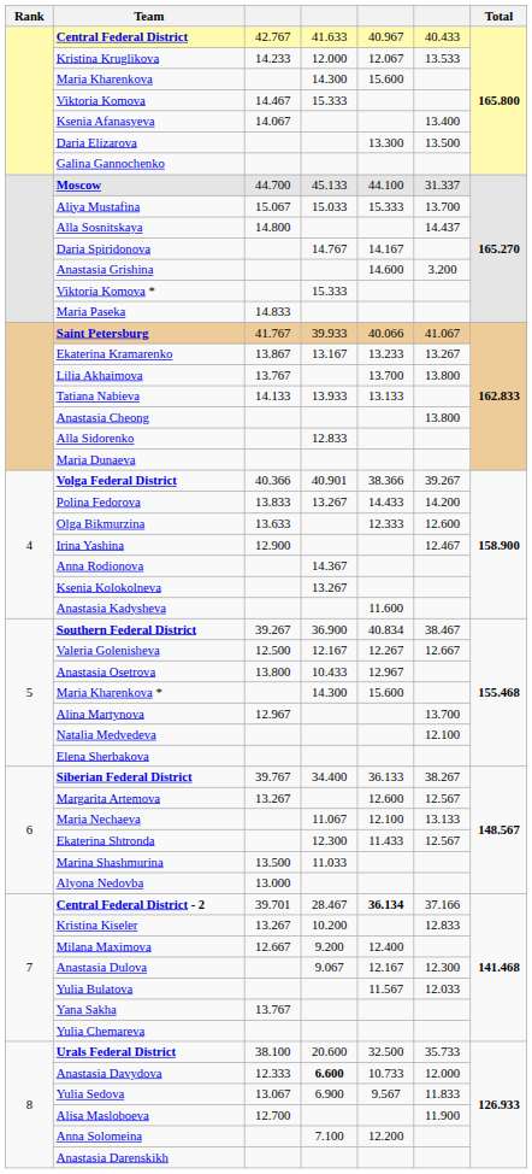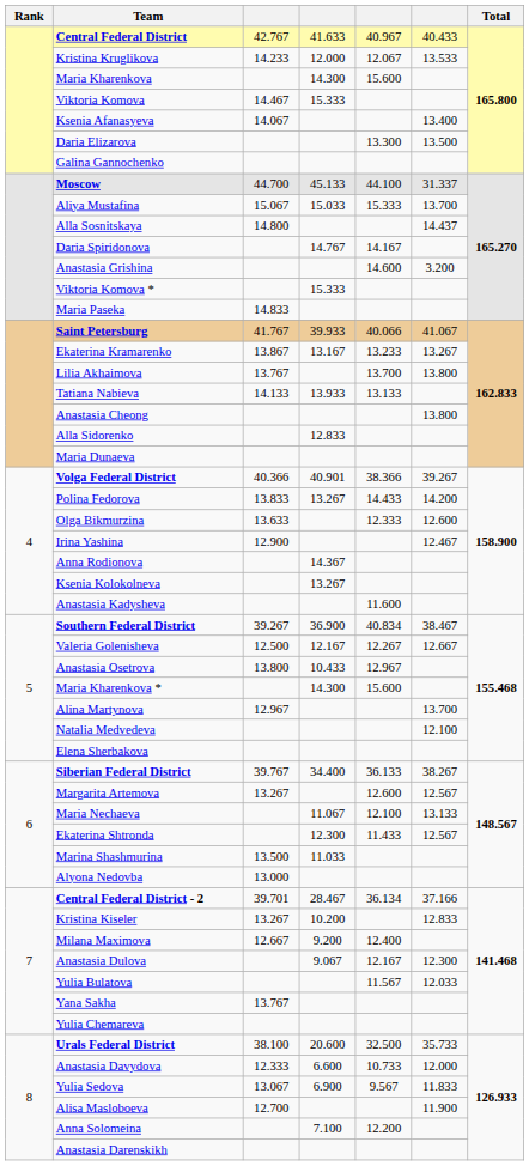 <table class="wikitable" style="text-align:center; font-size:95%">
 <tr>
 <th scope="col" style="width:50px;">Rank</th>
 <th scope="col" style="width:220px;">Team</th>
 <th scope="col" style="width:60px;"></th>
 <th scope="col" style="width:60px;"></th>
 <th scope="col" style="width:60px;"></th>
 <th scope="col" style="width:60px;"></th>
 <th scope="col" style="width:60px;">Total</th>
 </tr>
 <tr style="background:#fffcaf;">
 <td rowspan=7></td>
 <td style="text-align:left;"><strong><a href='#'>Central Federal District</a></strong></td>
 <td>42.767</td>
 <td>41.633</td>
 <td>40.967</td>
 <td>40.433</td>
 <td rowspan=7><strong>165.800</strong></td>
 </tr>
 <tr>
 <td style="text-align:left;"><a href='#'>Kristina Kruglikova</a></td>
 <td>14.233</td>
 <td>12.000</td>
 <td>12.067</td>
 <td>13.533</td>
 </tr>
 <tr>
 <td style="text-align:left;"><a href='#'>Maria Kharenkova</a></td>
 <td></td>
 <td>14.300</td>
 <td>15.600</td>
 <td></td>
 </tr>
 <tr>
 <td style="text-align:left;"><a href='#'>Viktoria Komova</a></td>
 <td>14.467</td>
 <td>15.333</td>
 <td></td>
 <td></td>
 </tr>
 <tr>
 <td style="text-align:left;"><a href='#'>Ksenia Afanasyeva</a></td>
 <td>14.067</td>
 <td></td>
 <td></td>
 <td>13.400</td>
 </tr>
 <tr>
 <td style="text-align:left;"><a href='#'>Daria Elizarova</a></td>
 <td></td>
 <td></td>
 <td>13.300</td>
 <td>13.500</td>
 </tr>
 <tr>
 <td style="text-align:left;"><a href='#'>Galina Gannochenko</a></td>
 <td></td>
 <td></td>
 <td></td>
 <td></td>
 </tr>
 <tr style="background:#e5e5e5;">
 <td rowspan=7></td>
 <td style="text-align:left;"><strong><a href='#'>Moscow</a></strong></td>
 <td>44.700</td>
 <td>45.133</td>
 <td>44.100</td>
 <td>31.337</td>
 <td rowspan=7><strong>165.270</strong></td>
 </tr>
 <tr>
 <td style="text-align:left;"><a href='#'>Aliya Mustafina</a></td>
 <td>15.067</td>
 <td>15.033</td>
 <td>15.333</td>
 <td>13.700</td>
 </tr>
 <tr>
 <td style="text-align:left;"><a href='#'>Alla Sosnitskaya</a></td>
 <td>14.800</td>
 <td></td>
 <td></td>
 <td>14.437</td>
 </tr>
 <tr>
 <td style="text-align:left;"><a href='#'>Daria Spiridonova</a></td>
 <td></td>
 <td>14.767</td>
 <td>14.167</td>
 <td></td>
 </tr>
 <tr>
 <td style="text-align:left;"><a href='#'>Anastasia Grishina</a></td>
 <td></td>
 <td></td>
 <td>14.600</td>
 <td>3.200</td>
 </tr>
 <tr>
 <td style="text-align:left;"><a href='#'>Viktoria Komova</a> *</td>
 <td></td>
 <td>15.333</td>
 <td></td>
 <td></td>
 </tr>
 <tr>
 <td style="text-align:left;"><a href='#'>Maria Paseka</a></td>
 <td>14.833</td>
 <td></td>
 <td></td>
 <td></td>
 </tr>
 <tr style="background:#ec9;">
 <td rowspan=7></td>
 <td style="text-align:left;"><strong><a href='#'>Saint Petersburg</a></strong></td>
 <td>41.767</td>
 <td>39.933</td>
 <td>40.066</td>
 <td>41.067</td>
 <td rowspan=7><strong>162.833</strong></td>
 </tr>
 <tr>
 <td style="text-align:left;"><a href='#'>Ekaterina Kramarenko</a></td>
 <td>13.867</td>
 <td>13.167</td>
 <td>13.233</td>
 <td>13.267</td>
 </tr>
 <tr>
 <td style="text-align:left;"><a href='#'>Lilia Akhaimova</a></td>
 <td>13.767</td>
 <td></td>
 <td>13.700</td>
 <td>13.800</td>
 </tr>
 <tr>
 <td style="text-align:left;"><a href='#'>Tatiana Nabieva</a></td>
 <td>14.133</td>
 <td>13.933</td>
 <td>13.133</td>
 <td></td>
 </tr>
 <tr>
 <td style="text-align:left;"><a href='#'>Anastasia Cheong</a></td>
 <td></td>
 <td></td>
 <td></td>
 <td>13.800</td>
 </tr>
 <tr>
 <td style="text-align:left;"><a href='#'>Alla Sidorenko</a></td>
 <td></td>
 <td>12.833</td>
 <td></td>
 <td></td>
 </tr>
 <tr>
 <td style="text-align:left;"><a href='#'>Maria Dunaeva</a></td>
 <td></td>
 <td></td>
 <td></td>
 <td></td>
 </tr>
 <tr>
 <td rowspan=7>4</td>
 <td style="text-align:left;"><strong><a href='#'>Volga Federal District</a></strong></td>
 <td>40.366</td>
 <td>40.901</td>
 <td>38.366</td>
 <td>39.267</td>
 <td rowspan=7><strong>158.900</strong></td>
 </tr>
 <tr>
 <td style="text-align:left;"><a href='#'>Polina Fedorova</a></td>
 <td>13.833</td>
 <td>13.267</td>
 <td>14.433</td>
 <td>14.200</td>
 </tr>
 <tr>
 <td style="text-align:left;"><a href='#'>Olga Bikmurzina</a></td>
 <td>13.633</td>
 <td></td>
 <td>12.333</td>
 <td>12.600</td>
 </tr>
 <tr>
 <td style="text-align:left;"><a href='#'>Irina Yashina</a></td>
 <td>12.900</td>
 <td></td>
 <td></td>
 <td>12.467</td>
 </tr>
 <tr>
 <td style="text-align:left;"><a href='#'>Anna Rodionova</a></td>
 <td></td>
 <td>14.367</td>
 <td></td>
 <td></td>
 </tr>
 <tr>
 <td style="text-align:left;"><a href='#'>Ksenia Kolokolneva</a></td>
 <td></td>
 <td>13.267</td>
 <td></td>
 <td></td>
 </tr>
 <tr>
 <td style="text-align:left;"><a href='#'>Anastasia Kadysheva</a></td>
 <td></td>
 <td></td>
 <td>11.600</td>
 <td></td>
 </tr>
 <tr>
 <td rowspan=7>5</td>
 <td style="text-align:left;"><strong><a href='#'>Southern Federal District</a></strong></td>
 <td>39.267</td>
 <td>36.900</td>
 <td>40.834</td>
 <td>38.467</td>
 <td rowspan=7><strong>155.468</strong></td>
 </tr>
 <tr>
 <td style="text-align:left;"><a href='#'>Valeria Golenisheva</a></td>
 <td>12.500</td>
 <td>12.167</td>
 <td>12.267</td>
 <td>12.667</td>
 </tr>
 <tr>
 <td style="text-align:left;"><a href='#'>Anastasia Osetrova</a></td>
 <td>13.800</td>
 <td>10.433</td>
 <td>12.967</td>
 <td></td>
 </tr>
 <tr>
 <td style="text-align:left;"><a href='#'>Maria Kharenkova</a> *</td>
 <td></td>
 <td>14.300</td>
 <td>15.600</td>
 <td></td>
 </tr>
 <tr>
 <td style="text-align:left;"><a href='#'>Alina Martynova</a></td>
 <td>12.967</td>
 <td></td>
 <td></td>
 <td>13.700</td>
 </tr>
 <tr>
 <td style="text-align:left;"><a href='#'>Natalia Medvedeva</a></td>
 <td></td>
 <td></td>
 <td></td>
 <td>12.100</td>
 </tr>
 <tr>
 <td style="text-align:left;"><a href='#'>Elena Sherbakova</a></td>
 <td></td>
 <td></td>
 <td></td>
 <td></td>
 </tr>
 <tr>
 <td rowspan=6>6</td>
 <td style="text-align:left;"><strong><a href='#'>Siberian Federal District</a></strong></td>
 <td>39.767</td>
 <td>34.400</td>
 <td>36.133</td>
 <td>38.267</td>
 <td rowspan=6><strong>148.567</strong></td>
 </tr>
 <tr>
 <td style="text-align:left;"><a href='#'>Margarita Artemova</a></td>
 <td>13.267</td>
 <td></td>
 <td>12.600</td>
 <td>12.567</td>
 </tr>
 <tr>
 <td style="text-align:left;"><a href='#'>Maria Nechaeva</a></td>
 <td></td>
 <td>11.067</td>
 <td>12.100</td>
 <td>13.133</td>
 </tr>
 <tr>
 <td style="text-align:left;"><a href='#'>Ekaterina Shtronda</a></td>
 <td></td>
 <td>12.300</td>
 <td>11.433</td>
 <td>12.567</td>
 </tr>
 <tr>
 <td style="text-align:left;"><a href='#'>Marina Shashmurina</a></td>
 <td>13.500</td>
 <td>11.033</td>
 <td></td>
 <td></td>
 </tr>
 <tr>
 <td style="text-align:left;"><a href='#'>Alyona Nedovba</a></td>
 <td>13.000</td>
 <td></td>
 <td></td>
 <td></td>
 </tr>
 <tr>
 <td rowspan=7>7</td>
 <td style="text-align:left;"><strong><a href='#'>Central Federal District</a> - 2</strong></td>
 <td>39.701</td>
 <td>28.467</td>
-<td><strong>36.134</strong></td>
+<td>36.134</td>
 <td>37.166</td>
 <td rowspan=7><strong>141.468</strong></td>
 </tr>
 <tr>
 <td style="text-align:left;"><a href='#'>Kristina Kiseler</a></td>
 <td>13.267</td>
 <td>10.200</td>
 <td></td>
 <td>12.833</td>
 </tr>
 <tr>
 <td style="text-align:left;"><a href='#'>Milana Maximova</a></td>
 <td>12.667</td>
 <td>9.200</td>
 <td>12.400</td>
 <td></td>
 </tr>
 <tr>
 <td style="text-align:left;"><a href='#'>Anastasia Dulova</a></td>
 <td></td>
 <td>9.067</td>
 <td>12.167</td>
 <td>12.300</td>
 </tr>
 <tr>
 <td style="text-align:left;"><a href='#'>Yulia Bulatova</a></td>
 <td></td>
 <td></td>
 <td>11.567</td>
 <td>12.033</td>
 </tr>
 <tr>
 <td style="text-align:left;"><a href='#'>Yana Sakha</a></td>
 <td>13.767</td>
 <td></td>
 <td></td>
 <td></td>
 </tr>
 <tr>
 <td style="text-align:left;"><a href='#'>Yulia Chemareva</a></td>
 <td></td>
 <td></td>
 <td></td>
 <td></td>
 </tr>
 <tr>
 <td rowspan=6>8</td>
 <td style="text-align:left;"><strong><a href='#'>Urals Federal District</a></strong></td>
 <td>38.100</td>
 <td>20.600</td>
 <td>32.500</td>
 <td>35.733</td>
 <td rowspan=6><strong>126.933</strong></td>
 </tr>
 <tr>
 <td style="text-align:left;"><a href='#'>Anastasia Davydova</a></td>
 <td>12.333</td>
-<td><strong>6.600</strong></td>
+<td>6.600</td>
 <td>10.733</td>
 <td>12.000</td>
 </tr>
 <tr>
 <td style="text-align:left;"><a href='#'>Yulia Sedova</a></td>
 <td>13.067</td>
 <td>6.900</td>
 <td>9.567</td>
 <td>11.833</td>
 </tr>
 <tr>
 <td style="text-align:left;"><a href='#'>Alisa Masloboeva</a></td>
 <td>12.700</td>
 <td></td>
 <td></td>
 <td>11.900</td>
 </tr>
 <tr>
 <td style="text-align:left;"><a href='#'>Anna Solomeina</a></td>
 <td></td>
 <td>7.100</td>
 <td>12.200</td>
 <td></td>
 </tr>
 <tr>
 <td style="text-align:left;"><a href='#'>Anastasia Darenskikh</a></td>
 <td></td>
 <td></td>
 <td></td>
 <td></td>
 </tr>
 </table>
